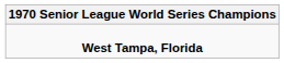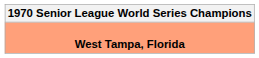 <table class="wikitable" style="text-align: center; margin: 0 auto;">
 <tr>
 <th>1970 Senior League World Series Champions</th>
 </tr>
 <tr>
-<td><br><strong>West Tampa, Florida</strong></td>
+<td style="background: lightsalmon;"><br><strong>West Tampa, Florida</strong></td>
 </tr>
 </table>
